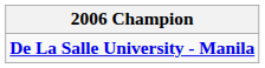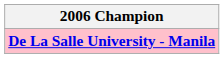 <table class=wikitable style="text-align:center; margin:auto">
 <tr>
 <th>2006 Champion</th>
 </tr>
 <tr>
-<td><strong><a href='#'>De La Salle University - Manila</a></strong><br></td>
+<td style="background: pink;"><strong><a href='#'>De La Salle University - Manila</a></strong><br></td>
 </tr>
 </table>
